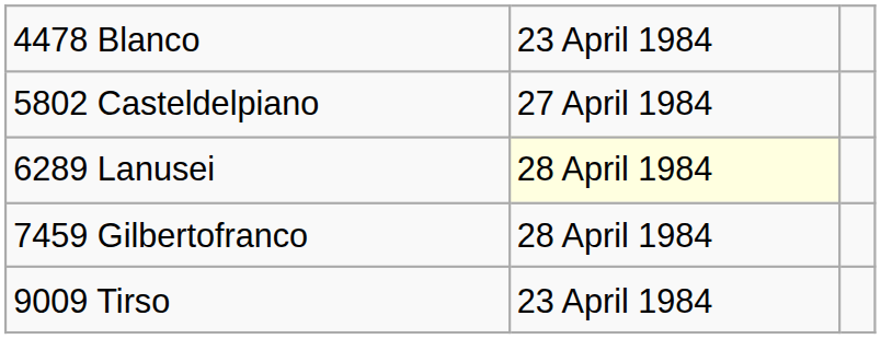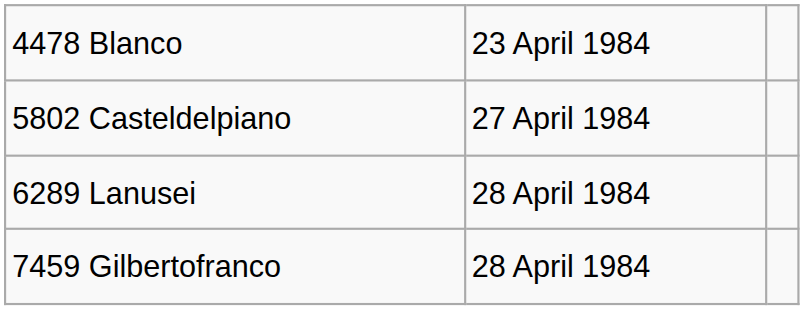 <table class="wikitable" style="font-size: 89%; float: left; width: 26em; margin-right: 1em; height: 140px;">
 <tr>
 <td>4478 Blanco</td>
 <td>23 April 1984</td>
 <td> </td>
 </tr>
 <tr>
 <td>5802 Casteldelpiano</td>
 <td>27 April 1984</td>
 <td></td>
 </tr>
 <tr>
 <td>6289 Lanusei</td>
-<td style="background: lightyellow;">28 April 1984</td>
+<td>28 April 1984</td>
 <td> </td>
 </tr>
 <tr>
 <td>7459 Gilbertofranco</td>
 <td>28 April 1984</td>
 <td></td>
 </tr>
-<tr>
-<td>9009 Tirso</td>
-<td>23 April 1984</td>
-<td></td>
-</tr>
 </table>
